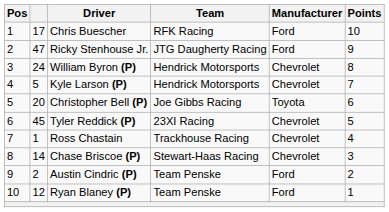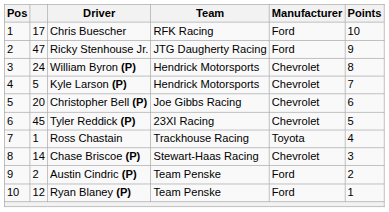 <table class="wikitable" style="font-size:98%">
 <tr>
 <th>Pos</th>
 <th></th>
 <th>Driver</th>
 <th>Team</th>
 <th>Manufacturer</th>
 <th>Points</th>
 </tr>
 <tr>
 <td>1</td>
 <td>17</td>
 <td>Chris Buescher</td>
 <td>RFK Racing</td>
 <td>Ford</td>
 <td>10</td>
 </tr>
 <tr>
 <td>2</td>
 <td>47</td>
 <td>Ricky Stenhouse Jr.</td>
 <td>JTG Daugherty Racing</td>
 <td>Ford</td>
 <td>9</td>
 </tr>
 <tr>
 <td>3</td>
 <td>24</td>
 <td>William Byron <strong>(P)</strong></td>
 <td>Hendrick Motorsports</td>
 <td>Chevrolet</td>
 <td>8</td>
 </tr>
 <tr>
 <td>4</td>
 <td>5</td>
 <td>Kyle Larson <strong>(P)</strong></td>
 <td>Hendrick Motorsports</td>
 <td>Chevrolet</td>
 <td>7</td>
 </tr>
 <tr>
 <td>5</td>
 <td>20</td>
 <td>Christopher Bell <strong>(P)</strong></td>
 <td>Joe Gibbs Racing</td>
-<td>Toyota</td>
+<td>Chevrolet</td>
 <td>6</td>
 </tr>
 <tr>
 <td>6</td>
 <td>45</td>
 <td>Tyler Reddick <strong>(P)</strong></td>
 <td>23XI Racing</td>
 <td>Chevrolet</td>
 <td>5</td>
 </tr>
 <tr>
 <td>7</td>
 <td>1</td>
 <td>Ross Chastain</td>
 <td>Trackhouse Racing</td>
-<td>Chevrolet</td>
+<td>Toyota</td>
 <td>4</td>
 </tr>
 <tr>
 <td>8</td>
 <td>14</td>
 <td>Chase Briscoe <strong>(P)</strong></td>
 <td>Stewart-Haas Racing</td>
 <td>Chevrolet</td>
 <td>3</td>
 </tr>
 <tr>
 <td>9</td>
 <td>2</td>
 <td>Austin Cindric <strong>(P)</strong></td>
 <td>Team Penske</td>
 <td>Ford</td>
 <td>2</td>
 </tr>
 <tr>
 <td>10</td>
 <td>12</td>
 <td>Ryan Blaney <strong>(P)</strong></td>
 <td>Team Penske</td>
 <td>Ford</td>
 <td>1</td>
 </tr>
 <tr>
 <th colspan="6"></th>
 </tr>
 </table>
